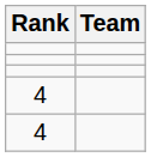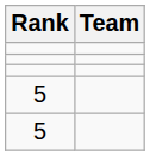 <table class="wikitable">
 <tr>
 <th>Rank</th>
 <th>Team</th>
 </tr>
 <tr>
 <td style="text-align: center;"></td>
 <td></td>
 </tr>
 <tr>
 <td style="text-align: center;"></td>
 <td></td>
 </tr>
 <tr>
 <td style="text-align: center;"></td>
 <td></td>
 </tr>
 <tr>
-<td style="text-align: center;">4</td>
+<td style="text-align: center;">5</td>
 <td></td>
 </tr>
 <tr>
-<td style="text-align: center;">4</td>
+<td style="text-align: center;">5</td>
 <td></td>
 </tr>
 </table>
